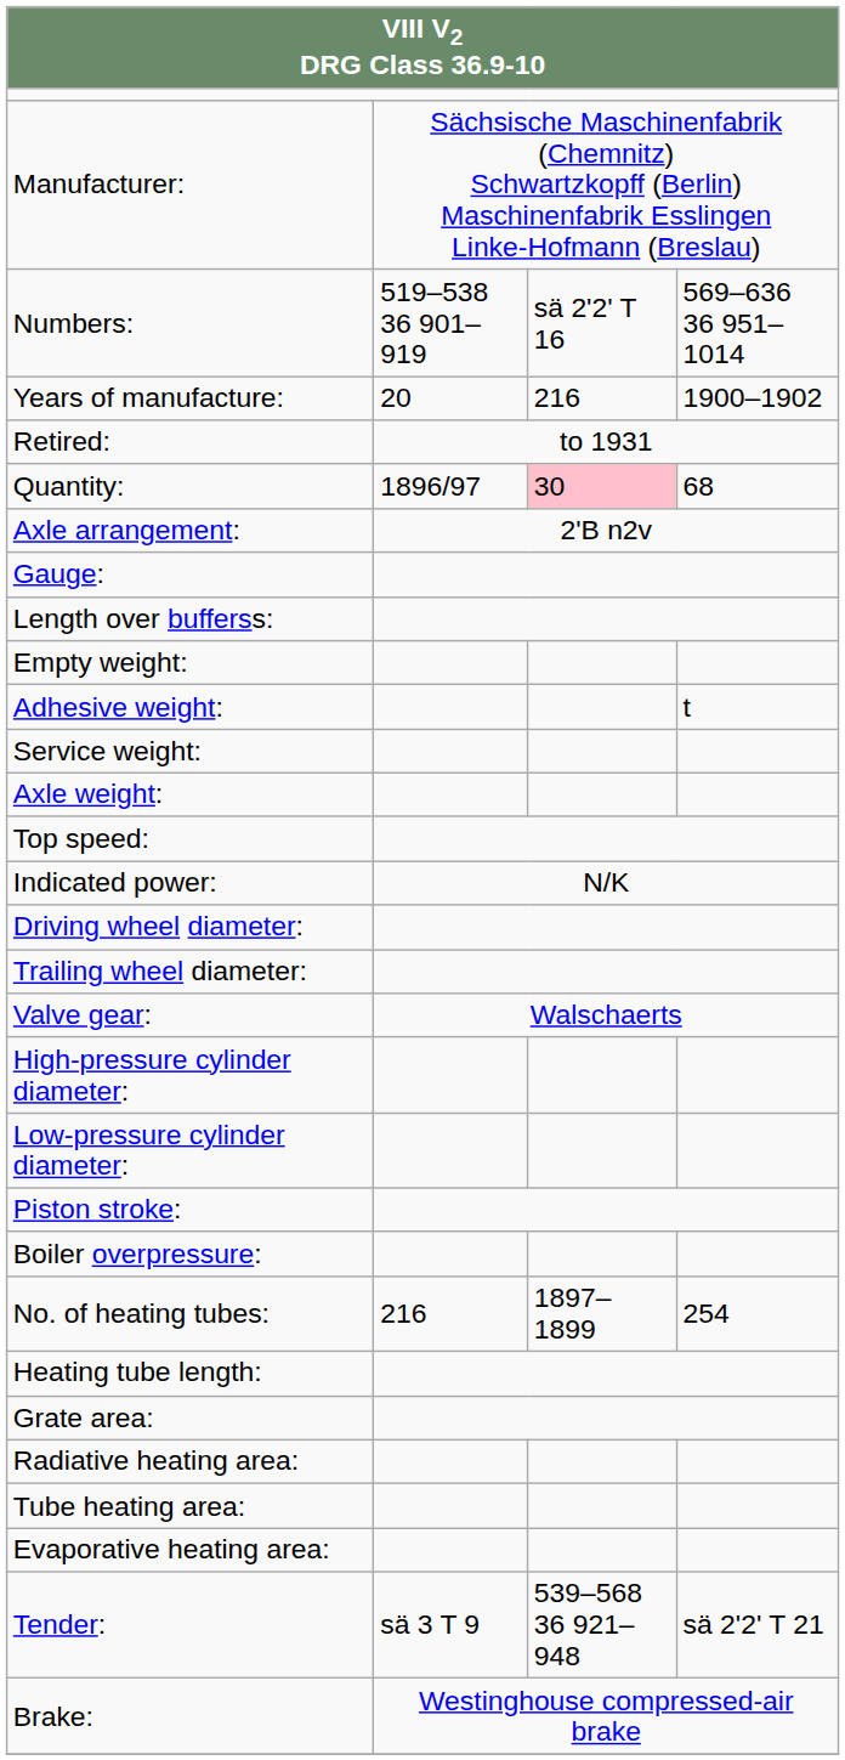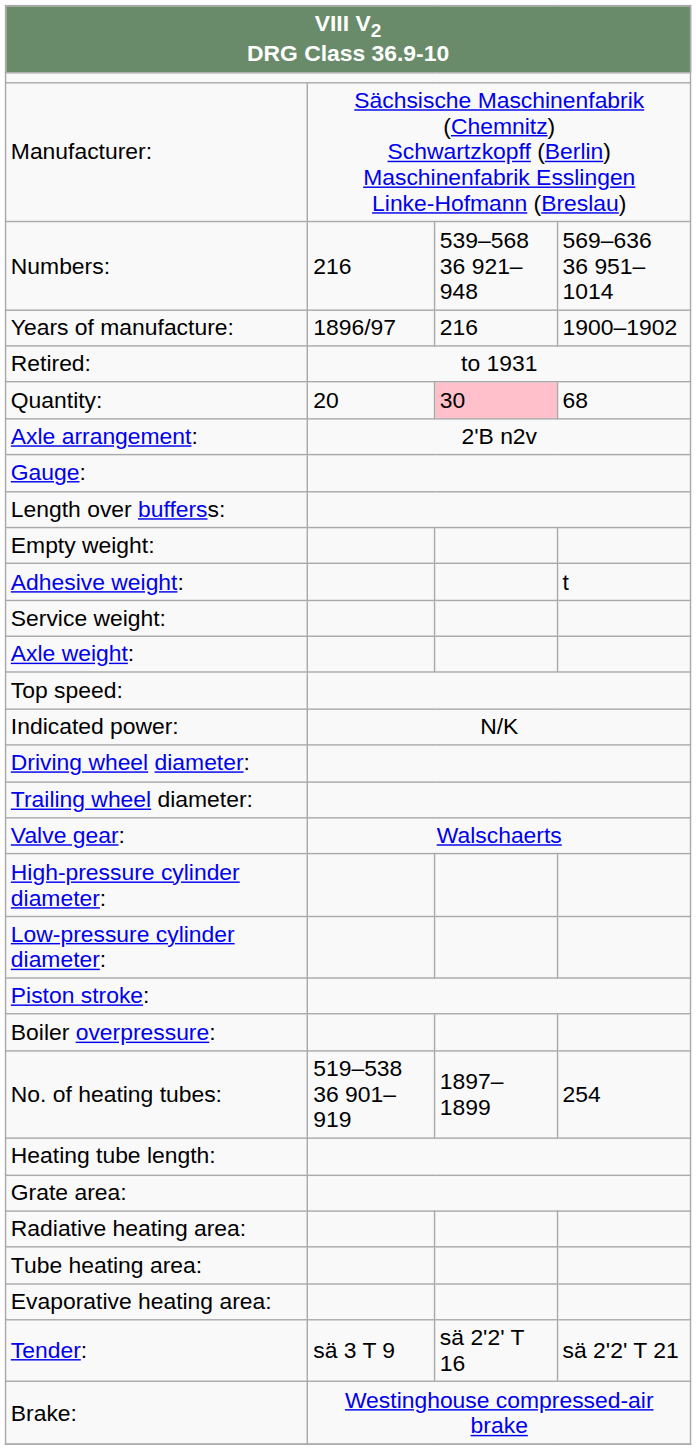 <table class="wikitable float-right" width="480" align = "right">
 <tr ->
 <th colspan="5" style="color:white; background:#698B69">VIII V<sub>2</sub> <br>DRG Class 36.9-10</th>
 </tr>
 <tr ->
 <td colspan="5" align="center"></td>
 </tr>
 <tr>
 <td>Manufacturer:</td>
 <td colspan="4" align="center"><a href='#'>Sächsische Maschinenfabrik</a> (<a href='#'>Chemnitz</a>)<br>  <a href='#'>Schwartzkopff</a> (<a href='#'>Berlin</a>)<br> <a href='#'>Maschinenfabrik Esslingen</a><br> <a href='#'>Linke-Hofmann</a> (<a href='#'>Breslau</a>)</td>
 </tr>
 <tr>
 <td>Numbers:</td>
-<td>519–538<br> 36 901–919</td>
-<td>sä 2'2' T 16</td>
+<td>216</td>
+<td>539–568<br> 36 921–948</td>
 <td>569–636<br> 36 951–1014</td>
 </tr>
 <tr>
 <td>Years of manufacture:</td>
-<td>20</td>
+<td>1896/97</td>
 <td>216</td>
 <td>1900–1902</td>
 </tr>
 <tr>
 <td>Retired:</td>
 <td colspan="3" align="center">to 1931</td>
 </tr>
 <tr>
 <td>Quantity:</td>
-<td>1896/97</td>
+<td>20</td>
 <td style="background: pink;">30</td>
 <td>68</td>
 </tr>
 <tr>
 <td><a href='#'>Axle arrangement</a>:</td>
 <td colspan="3" align="center">2'B n2v</td>
 </tr>
 <tr>
 <td><a href='#'>Gauge</a>:</td>
 <td colspan="3" align="center"></td>
 </tr>
 <tr>
 <td>Length over <a href='#'>buffers</a>s:</td>
 <td colspan="3" align="center"></td>
 </tr>
 <tr>
 <td>Empty weight:</td>
 <td></td>
 <td></td>
 <td></td>
 </tr>
 <tr>
 <td><a href='#'>Adhesive weight</a>:</td>
 <td></td>
 <td></td>
 <td>t</td>
 </tr>
 <tr>
 <td>Service weight:</td>
 <td></td>
 <td></td>
 <td></td>
 </tr>
 <tr>
 <td><a href='#'>Axle weight</a>:</td>
 <td></td>
 <td></td>
 <td></td>
 </tr>
 <tr>
 <td>Top speed:</td>
 <td colspan="3" align="center"></td>
 </tr>
 <tr>
 <td>Indicated power:</td>
 <td colspan="3" align="center">N/K</td>
 </tr>
 <tr>
 <td><a href='#'>Driving wheel</a> <a href='#'>diameter</a>:</td>
 <td colspan="3" align="center"></td>
 </tr>
 <tr>
 <td><a href='#'>Trailing wheel</a> diameter:</td>
 <td colspan="3" align="center"></td>
 </tr>
 <tr>
 <td><a href='#'>Valve gear</a>:</td>
 <td colspan="3" align="center"><a href='#'>Walschaerts</a></td>
 </tr>
 <tr>
 <td><a href='#'>High-pressure cylinder</a> <a href='#'>diameter</a>:</td>
 <td></td>
 <td></td>
 <td></td>
 </tr>
 <tr>
 <td><a href='#'>Low-pressure cylinder</a> <a href='#'>diameter</a>:</td>
 <td></td>
 <td></td>
 <td></td>
 </tr>
 <tr>
 <td><a href='#'>Piston stroke</a>:</td>
 <td colspan="3" align="center"></td>
 </tr>
 <tr>
 <td>Boiler <a href='#'>overpressure</a>:</td>
 <td></td>
 <td></td>
 <td></td>
 </tr>
 <tr>
 <td>No. of heating tubes:</td>
-<td>216</td>
+<td>519–538<br> 36 901–919</td>
 <td>1897–1899</td>
 <td>254</td>
 </tr>
 <tr>
 <td>Heating tube length:</td>
 <td colspan="3" align="center"></td>
 </tr>
 <tr>
 <td>Grate area:</td>
 <td colspan="3" align="center"></td>
 </tr>
 <tr>
 <td>Radiative heating area:</td>
 <td></td>
 <td></td>
 <td></td>
 </tr>
 <tr>
 <td>Tube heating area:</td>
 <td></td>
 <td></td>
 <td></td>
 </tr>
 <tr>
 <td>Evaporative heating area:</td>
 <td></td>
 <td></td>
 <td></td>
 </tr>
 <tr>
 <td><a href='#'>Tender</a>:</td>
 <td>sä 3 T 9</td>
-<td>539–568<br> 36 921–948</td>
+<td>sä 2'2' T 16</td>
 <td>sä 2'2' T 21</td>
 </tr>
 <tr>
 <td>Brake:</td>
 <td colspan="3" align="center"><a href='#'>Westinghouse compressed-air brake</a></td>
 </tr>
 <tr>
 </tr>
 </table>
